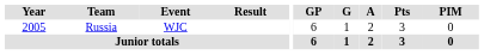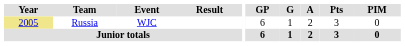 <table border="0" cellpadding="1" cellspacing="0" ID="Table3" style="text-align:center; width:40em">
 <tr ALIGN="center" bgcolor="#e0e0e0">
 <th>Year</th>
 <th>Team</th>
 <th>Event</th>
 <th>Result</th>
 <th rowspan="99" bgcolor="#ffffff"></th>
 <th>GP</th>
 <th>G</th>
 <th>A</th>
 <th>Pts</th>
 <th>PIM</th>
 </tr>
 <tr align=center>
-<td><a href='#'>2005</a></td>
+<td style="background: khaki;"><a href='#'>2005</a></td>
 <td><a href='#'>Russia</a></td>
 <td><a href='#'>WJC</a></td>
 <td></td>
 <td>6</td>
 <td>1</td>
 <td>2</td>
 <td>3</td>
 <td>0</td>
 </tr>
 <tr bgcolor=#e0e0e0>
 <th colspan="4">Junior totals</th>
 <th>6</th>
 <th>1</th>
 <th>2</th>
 <th>3</th>
 <th>0</th>
 </tr>
 </table>
